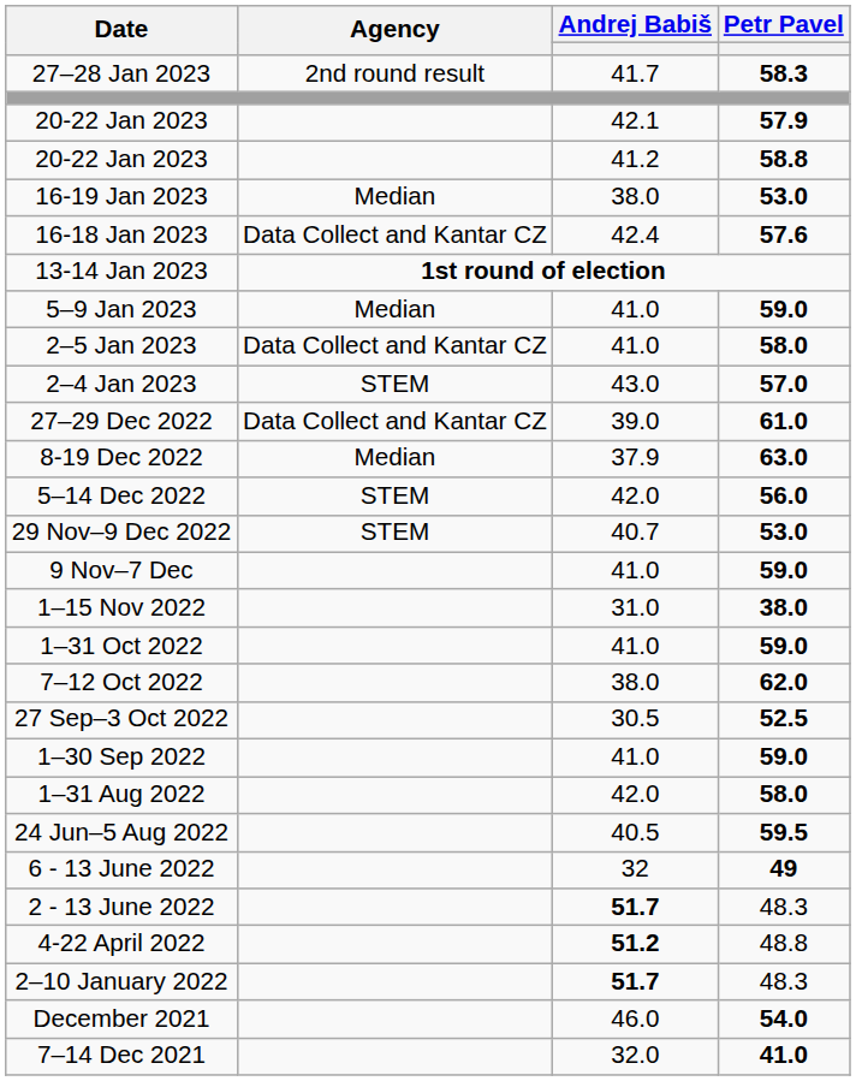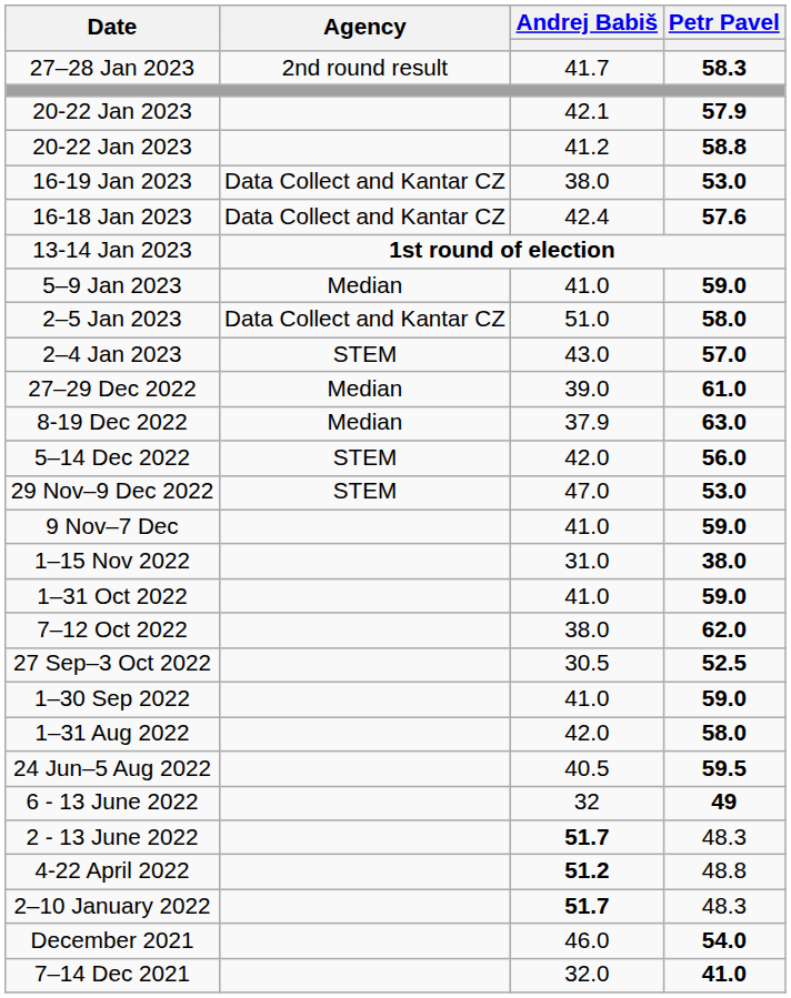 <table class="wikitable" style=text-align:center;font-size:85%;line-height:14px;">
 <tr>
 <th rowspan="2">Date</th>
 <th rowspan="2">Agency</th>
 <th><a href='#'>Andrej Babiš</a></th>
 <th><a href='#'>Petr Pavel</a></th>
 </tr>
 <tr>
 <th style="background:"></th>
 <th style="background:"></th>
 </tr>
 <tr>
 <td>27–28 Jan 2023</td>
 <td>2nd round result</td>
 <td>41.7</td>
 <td><strong>58.3</strong></td>
 </tr>
 <tr>
 <td colspan="4" style="background:#A0A0A0"></td>
 </tr>
 <tr>
 <td>20-22 Jan 2023</td>
 <td></td>
 <td>42.1</td>
 <td><strong>57.9</strong></td>
 </tr>
 <tr>
 <td>20-22 Jan 2023</td>
 <td></td>
 <td>41.2</td>
 <td><strong>58.8</strong></td>
 </tr>
 <tr>
 <td>16-19 Jan 2023</td>
-<td>Median</td>
+<td>Data Collect and Kantar CZ</td>
 <td>38.0</td>
 <td><strong>53.0</strong></td>
 </tr>
 <tr>
 <td>16-18 Jan 2023</td>
 <td>Data Collect and Kantar CZ</td>
 <td>42.4</td>
 <td><strong>57.6</strong></td>
 </tr>
 <tr>
 <td>13-14 Jan 2023</td>
 <td colspan="4"><strong> 1st round of election</strong></td>
 </tr>
 <tr>
 <td>5–9 Jan 2023</td>
 <td>Median</td>
 <td>41.0</td>
 <td><strong>59.0</strong></td>
 </tr>
 <tr>
 <td>2–5 Jan 2023</td>
 <td>Data Collect and Kantar CZ</td>
-<td>41.0</td>
+<td>51.0</td>
 <td><strong>58.0</strong></td>
 </tr>
 <tr>
 <td>2–4 Jan 2023</td>
 <td>STEM</td>
 <td>43.0</td>
 <td><strong>57.0</strong></td>
 </tr>
 <tr>
 <td>27–29 Dec 2022</td>
-<td>Data Collect and Kantar CZ</td>
+<td>Median</td>
 <td>39.0</td>
 <td><strong>61.0</strong></td>
 </tr>
 <tr>
 <td>8-19 Dec 2022</td>
 <td>Median</td>
 <td>37.9</td>
 <td><strong>63.0</strong></td>
 </tr>
 <tr>
 <td>5–14 Dec 2022</td>
 <td>STEM</td>
 <td>42.0</td>
 <td><strong>56.0</strong></td>
 </tr>
 <tr>
 <td>29 Nov–9 Dec 2022</td>
 <td>STEM</td>
-<td>40.7</td>
+<td>47.0</td>
 <td><strong>53.0</strong></td>
 </tr>
 <tr>
 <td>9 Nov–7 Dec</td>
 <td></td>
 <td>41.0</td>
 <td><strong>59.0</strong></td>
 </tr>
 <tr>
 <td>1–15 Nov 2022</td>
 <td></td>
 <td>31.0</td>
 <td><strong>38.0</strong></td>
 </tr>
 <tr>
 <td>1–31 Oct 2022</td>
 <td></td>
 <td>41.0</td>
 <td><strong>59.0</strong></td>
 </tr>
 <tr>
 <td>7–12 Oct 2022</td>
 <td></td>
 <td>38.0</td>
 <td><strong>62.0</strong></td>
 </tr>
 <tr>
 <td>27 Sep–3 Oct 2022</td>
 <td></td>
 <td>30.5</td>
 <td><strong>52.5</strong></td>
 </tr>
 <tr>
 <td>1–30 Sep 2022</td>
 <td></td>
 <td>41.0</td>
 <td><strong>59.0</strong></td>
 </tr>
 <tr>
 <td>1–31 Aug 2022</td>
 <td></td>
 <td>42.0</td>
 <td><strong>58.0</strong></td>
 </tr>
 <tr>
 <td>24 Jun–5 Aug 2022</td>
 <td></td>
 <td>40.5</td>
 <td><strong>59.5</strong></td>
 </tr>
 <tr>
 <td>6 - 13 June 2022</td>
 <td></td>
 <td>32</td>
 <td><strong>49</strong></td>
 </tr>
 <tr>
 <td>2 - 13 June 2022</td>
 <td></td>
 <td><strong>51.7</strong></td>
 <td>48.3</td>
 </tr>
 <tr>
 <td>4-22 April 2022</td>
 <td></td>
 <td><strong>51.2</strong></td>
 <td>48.8</td>
 </tr>
 <tr>
 <td>2–10 January 2022</td>
 <td></td>
 <td><strong>51.7</strong></td>
 <td>48.3</td>
 </tr>
 <tr>
 <td>December 2021</td>
 <td></td>
 <td>46.0</td>
 <td><strong>54.0</strong></td>
 </tr>
 <tr>
 <td>7–14 Dec 2021</td>
 <td></td>
 <td>32.0</td>
 <td><strong>41.0</strong></td>
 </tr>
 </table>
